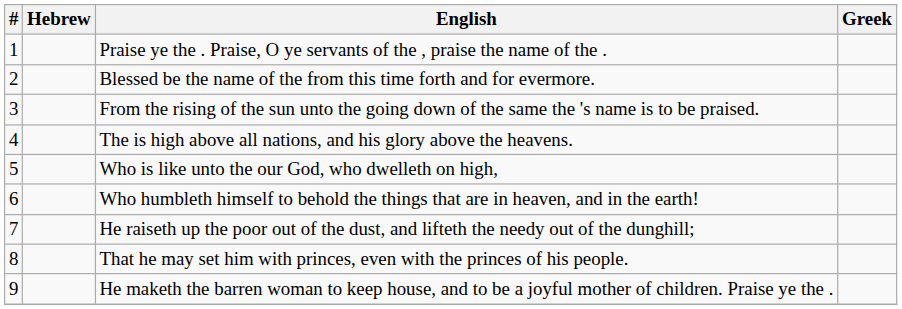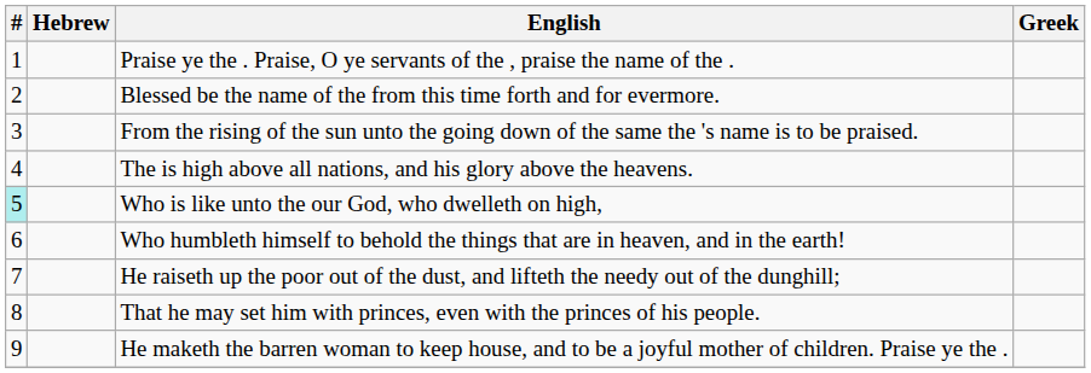 <table class=wikitable>
 <tr>
 <th>#</th>
 <th>Hebrew</th>
 <th>English</th>
 <th>Greek</th>
 </tr>
 <tr>
 <td style="text-align:right">1</td>
 <td style="text-align:right"></td>
 <td>Praise ye the . Praise, O ye servants of the , praise the name of the .</td>
 <td></td>
 </tr>
 <tr>
 <td style="text-align:right">2</td>
 <td style="text-align:right"></td>
 <td>Blessed be the name of the  from this time forth and for evermore.</td>
 <td></td>
 </tr>
 <tr>
 <td style="text-align:right">3</td>
 <td style="text-align:right"></td>
 <td>From the rising of the sun unto the going down of the same the 's name is to be praised.</td>
 <td></td>
 </tr>
 <tr>
 <td style="text-align:right">4</td>
 <td style="text-align:right"></td>
 <td>The  is high above all nations, and his glory above the heavens.</td>
 <td></td>
 </tr>
 <tr>
-<td style="text-align:right">5</td>
+<td style="background: paleturquoise; text-align:right">5</td>
 <td style="text-align:right"></td>
 <td>Who is like unto the  our God, who dwelleth on high,</td>
 <td></td>
 </tr>
 <tr>
 <td style="text-align:right">6</td>
 <td style="text-align:right"></td>
 <td>Who humbleth himself to behold the things that are in heaven, and in the earth!</td>
 <td></td>
 </tr>
 <tr>
 <td style="text-align:right">7</td>
 <td style="text-align:right"></td>
 <td>He raiseth up the poor out of the dust, and lifteth the needy out of the dunghill;</td>
 <td></td>
 </tr>
 <tr>
 <td style="text-align:right">8</td>
 <td style="text-align:right"></td>
 <td>That he may set him with princes, even with the princes of his people.</td>
 <td></td>
 </tr>
 <tr>
 <td style="text-align:right">9</td>
 <td style="text-align:right"></td>
 <td>He maketh the barren woman to keep house, and to be a joyful mother of children. Praise ye the .</td>
 <td></td>
 </tr>
 <tr>
 </tr>
 </table>
